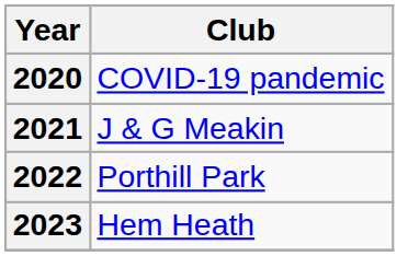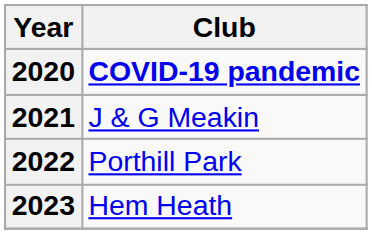 <table class="wikitable" style="font-size:85%">
 <tr>
 <th>Year</th>
 <th>Club</th>
 </tr>
 <tr>
 <th scope="row">2020</th>
-<td><a href='#'>COVID-19 pandemic</a></td>
+<td><strong><a href='#'>COVID-19 pandemic</a></strong></td>
 </tr>
 <tr>
 <th scope="row">2021</th>
 <td><a href='#'>J & G Meakin</a></td>
 </tr>
 <tr>
 <th scope="row">2022</th>
 <td><a href='#'>Porthill Park</a></td>
 </tr>
 <tr>
 <th scope="row">2023</th>
 <td><a href='#'>Hem Heath</a></td>
 </tr>
 <tr>
 </tr>
 </table>
